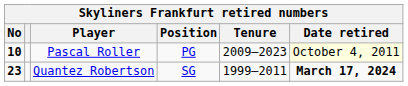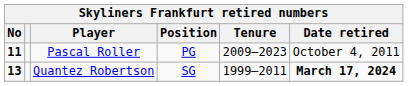 <table class="wikitable sortable" style="font-size:95%; text-align:center;">
 <tr>
 <th colspan=6>Skyliners Frankfurt retired numbers</th>
 </tr>
 <tr>
 <th>No</th>
 <th></th>
 <th>Player</th>
 <th>Position</th>
 <th>Tenure</th>
 <th>Date retired</th>
 </tr>
 <tr>
-<td><strong>10</strong></td>
+<td><strong>11</strong></td>
 <td></td>
 <td><a href='#'>Pascal Roller</a></td>
 <td><a href='#'>PG</a></td>
 <td>2009–2023</td>
-<td style="background: lightyellow;">October 4, 2011</td>
+<td>October 4, 2011</td>
 </tr>
 <tr>
-<td><strong>23</strong></td>
+<td><strong>13</strong></td>
 <td></td>
 <td><a href='#'>Quantez Robertson</a></td>
 <td><a href='#'>SG</a></td>
 <td>1999–2011</td>
 <td><strong>March 17, 2024</strong></td>
 </tr>
 </table>
